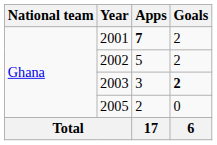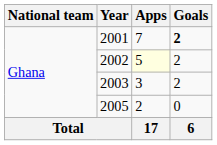 <table class="wikitable">
 <tr>
 <th>National team</th>
 <th>Year</th>
 <th>Apps</th>
 <th>Goals</th>
 </tr>
 <tr>
 <td rowspan="4"><a href='#'>Ghana</a></td>
 <td>2001</td>
-<td><strong>7</strong></td>
-<td>2</td>
+<td>7</td>
+<td><strong>2</strong></td>
 </tr>
 <tr>
 <td>2002</td>
-<td>5</td>
+<td style="background: lightyellow;">5</td>
 <td>2</td>
 </tr>
 <tr>
 <td>2003</td>
 <td>3</td>
-<td><strong>2</strong></td>
+<td>2</td>
 </tr>
 <tr>
 <td>2005</td>
 <td>2</td>
 <td>0</td>
 </tr>
 <tr>
 <th colspan="2">Total</th>
 <th>17</th>
 <th>6</th>
 </tr>
 </table>
